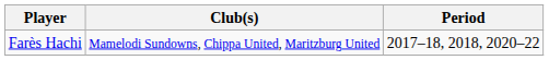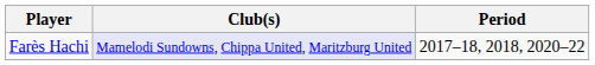 <table class="wikitable collapsible collapsed" style="text-align:center;font-size:95%">
 <tr>
 <th scope="col">Player</th>
 <th scope="col" class="unsortable">Club(s)</th>
 <th scope="col">Period</th>
 </tr>
 <tr>
 <td align="left"><a href='#'>Farès Hachi</a></td>
-<td><small><a href='#'>Mamelodi Sundowns</a>, <a href='#'>Chippa United</a>, <a href='#'>Maritzburg United</a></small></td>
+<td style="background: lavender;"><small><a href='#'>Mamelodi Sundowns</a>, <a href='#'>Chippa United</a>, <a href='#'>Maritzburg United</a></small></td>
 <td>2017–18, 2018, 2020–22</td>
 </tr>
 <tr>
 </tr>
 </table>
